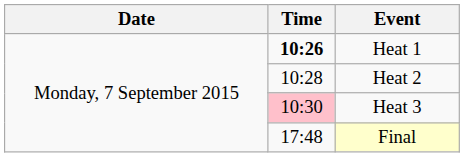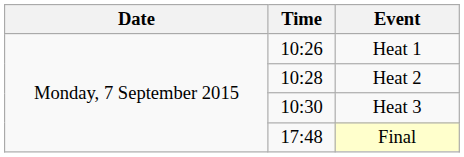 <table class = "wikitable" style="text-align:center;">
 <tr>
 <th width=220>Date</th>
 <th width=50>Time</th>
 <th width=100>Event</th>
 </tr>
 <tr>
 <td rowspan=4>Monday, 7 September 2015</td>
-<td><strong>10:26</strong></td>
+<td>10:26</td>
 <td>Heat 1</td>
 </tr>
 <tr>
 <td>10:28</td>
 <td>Heat 2</td>
 </tr>
 <tr>
-<td style="background: pink;">10:30</td>
+<td>10:30</td>
 <td>Heat 3</td>
 </tr>
 <tr>
 <td>17:48</td>
 <td bgcolor=ffffcc>Final</td>
 </tr>
 </table>
